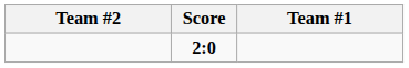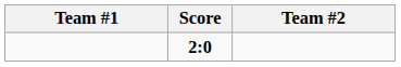 <table class="wikitable" style="text-align:center;">
 <tr>
+<th width=140>Team #1</th>
+<th width=50>Score</th>
 <th width=140>Team #2</th>
-<th width=50>Score</th>
-<th width=140>Team #1</th>
 </tr>
 <tr>
+<td style="text-align:right;"></td>
+<td><strong>2:0</strong></td>
 <td style="text-align:left;"></td>
-<td><strong>2:0</strong></td>
-<td style="text-align:right;"></td>
 </tr>
 </table>
